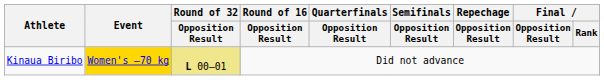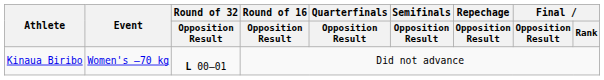 <table class="wikitable" style="font-size:90%">
 <tr>
 <th rowspan="2">Athlete</th>
 <th rowspan="2">Event</th>
 <th>Round of 32</th>
 <th>Round of 16</th>
 <th>Quarterfinals</th>
 <th>Semifinals</th>
 <th>Repechage</th>
 <th colspan=2>Final / </th>
 </tr>
 <tr style="font-size:95%">
 <th>Opposition<br>Result</th>
 <th>Opposition<br>Result</th>
 <th>Opposition<br>Result</th>
 <th>Opposition<br>Result</th>
 <th>Opposition<br>Result</th>
 <th>Opposition<br>Result</th>
 <th>Rank</th>
 </tr>
 <tr align=center>
 <td align=left><a href='#'>Kinaua Biribo</a></td>
-<td align=left style="background: gold;"><a href='#'>Women's –70 kg</a></td>
-<td style="background: khaki;"><br><strong>L</strong> 00–01</td>
+<td align=left><a href='#'>Women's –70 kg</a></td>
+<td><br><strong>L</strong> 00–01</td>
 <td colspan=6>Did not advance</td>
 </tr>
 </table>
